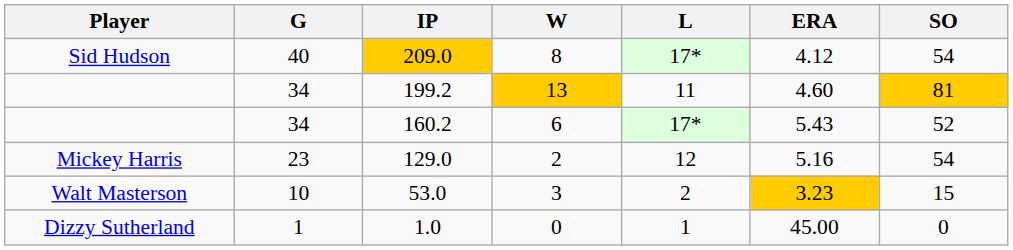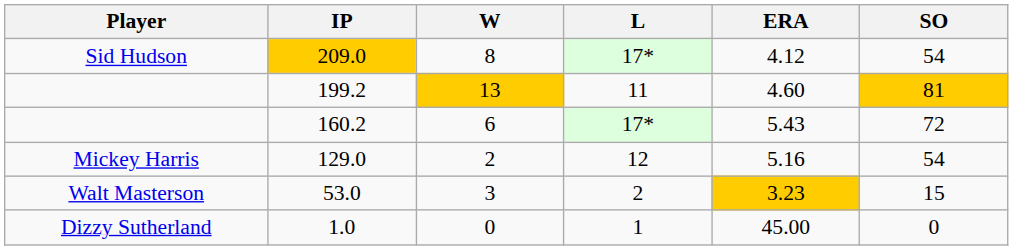 <table class="wikitable sortable">
 <tr>
 <th bgcolor="#DDDDFF" width="16%">Player</th>
-<th bgcolor="#DDDDFF" width="9%">G</th>
 <th bgcolor="#DDDDFF" width="9%">IP</th>
 <th bgcolor="#DDDDFF" width="9%">W</th>
 <th bgcolor="#DDDDFF" width="9%">L</th>
 <th bgcolor="#DDDDFF" width="9%">ERA</th>
 <th bgcolor="#DDDDFF" width="9%">SO</th>
 </tr>
 <tr align="center".0>
 <td><a href='#'>Sid Hudson</a></td>
-<td>40</td>
 <td style="background:#fc0;">209.0</td>
 <td>8</td>
 <td style="background:#DDFFDD;">17*</td>
 <td>4.12</td>
 <td>54</td>
 </tr>
 <tr align=center>
 <td></td>
-<td>34</td>
 <td>199.2</td>
 <td style="background:#fc0;">13</td>
 <td>11</td>
 <td>4.60</td>
 <td style="background:#fc0;">81</td>
 </tr>
 <tr align="center">
 <td></td>
-<td>34</td>
 <td>160.2</td>
 <td>6</td>
 <td style="background:#DDFFDD;">17*</td>
 <td>5.43</td>
-<td>52</td>
+<td>72</td>
 </tr>
 <tr align="center">
 <td><a href='#'>Mickey Harris</a></td>
-<td>23</td>
 <td>129.0</td>
 <td>2</td>
 <td>12</td>
 <td>5.16</td>
 <td>54</td>
 </tr>
 <tr align=center>
 <td><a href='#'>Walt Masterson</a></td>
-<td>10</td>
 <td>53.0</td>
 <td>3</td>
 <td>2</td>
 <td style="background:#fc0;">3.23</td>
 <td>15</td>
 </tr>
 <tr align=center>
 <td><a href='#'>Dizzy Sutherland</a></td>
-<td>1</td>
 <td>1.0</td>
 <td>0</td>
 <td>1</td>
 <td>45.00</td>
 <td>0</td>
 </tr>
 </table>
